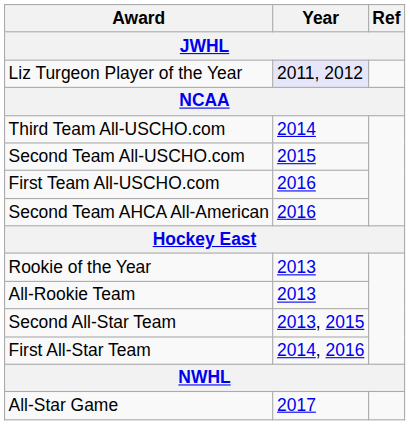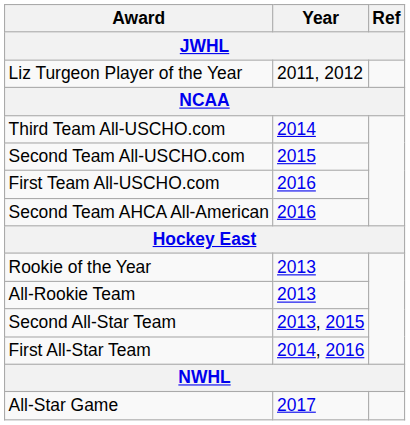 <table class="wikitable">
 <tr>
 <th>Award</th>
 <th>Year</th>
 <th>Ref</th>
 </tr>
 <tr>
 <th colspan="3"><a href='#'>JWHL</a></th>
 </tr>
 <tr>
 <td>Liz Turgeon Player of the Year</td>
-<td style="background: lavender;">2011, 2012</td>
+<td>2011, 2012</td>
 <td></td>
 </tr>
 <tr>
 <th colspan="3"><a href='#'>NCAA</a></th>
 </tr>
 <tr>
 <td>Third Team All-USCHO.com</td>
 <td><a href='#'>2014</a></td>
 <td rowspan="4"></td>
 </tr>
 <tr>
 <td>Second Team All-USCHO.com</td>
 <td><a href='#'>2015</a></td>
 </tr>
 <tr>
 <td>First Team All-USCHO.com</td>
 <td><a href='#'>2016</a></td>
 </tr>
 <tr>
 <td>Second Team AHCA All-American</td>
 <td><a href='#'>2016</a></td>
 </tr>
 <tr>
 <th colspan="3"><a href='#'>Hockey East</a></th>
 </tr>
 <tr>
 <td>Rookie of the Year</td>
 <td><a href='#'>2013</a></td>
 <td rowspan="4"></td>
 </tr>
 <tr>
 <td>All-Rookie Team</td>
 <td><a href='#'>2013</a></td>
 </tr>
 <tr>
 <td>Second All-Star Team</td>
 <td><a href='#'>2013</a>, <a href='#'>2015</a></td>
 </tr>
 <tr>
 <td>First All-Star Team</td>
 <td><a href='#'>2014</a>, <a href='#'>2016</a></td>
 </tr>
 <tr>
 <th colspan="3"><a href='#'>NWHL</a></th>
 </tr>
 <tr>
 <td>All-Star Game</td>
 <td><a href='#'>2017</a></td>
 <td></td>
 </tr>
 </table>
